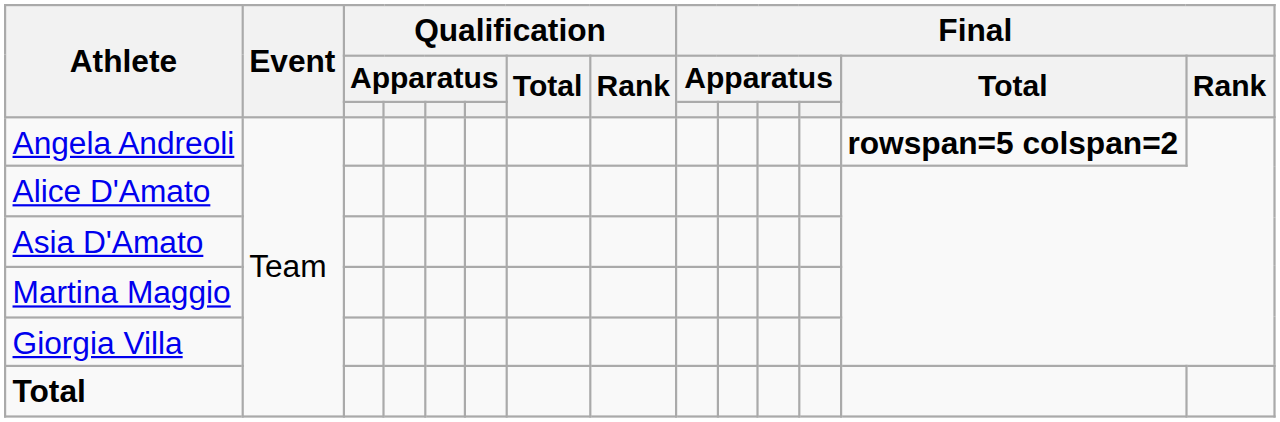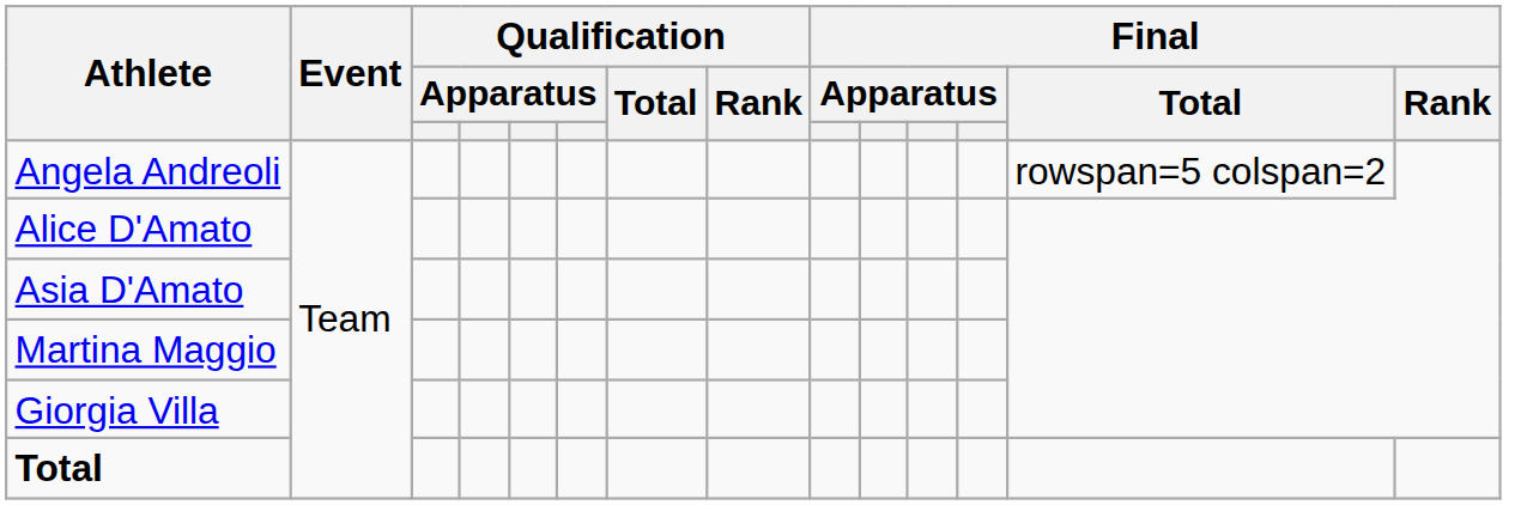 <table class="wikitable" style="font-size:90%">
 <tr>
 <th rowspan=3>Athlete</th>
 <th rowspan=3>Event</th>
 <th colspan=6>Qualification</th>
 <th colspan=6>Final</th>
 </tr>
 <tr style="font-size:95%">
 <th colspan=4>Apparatus</th>
 <th rowspan=2>Total</th>
 <th rowspan=2>Rank</th>
 <th colspan=4>Apparatus</th>
 <th rowspan=2>Total</th>
 <th rowspan=2>Rank</th>
 </tr>
 <tr style="font-size:95%">
 <th></th>
 <th></th>
 <th></th>
 <th></th>
 <th></th>
 <th></th>
 <th></th>
 <th></th>
 </tr>
 <tr align=center>
 <td align=left><a href='#'>Angela Andreoli</a></td>
 <td align=left rowspan=6>Team</td>
 <td></td>
 <td></td>
 <td></td>
 <td></td>
 <td></td>
 <td></td>
 <td></td>
 <td></td>
 <td></td>
 <td></td>
-<td><strong>rowspan=5 colspan=2</strong></td>
+<td>rowspan=5 colspan=2</td>
 </tr>
 <tr align=center>
 <td align=left><a href='#'>Alice D'Amato</a></td>
 <td></td>
 <td></td>
 <td></td>
 <td></td>
 <td></td>
 <td></td>
 <td></td>
 <td></td>
 <td></td>
 <td></td>
 </tr>
 <tr align=center>
 <td align=left><a href='#'>Asia D'Amato</a></td>
 <td></td>
 <td></td>
 <td></td>
 <td></td>
 <td></td>
 <td></td>
 <td></td>
 <td></td>
 <td></td>
 <td></td>
 </tr>
 <tr align=center>
 <td align=left><a href='#'>Martina Maggio</a></td>
 <td></td>
 <td></td>
 <td></td>
 <td></td>
 <td></td>
 <td></td>
 <td></td>
 <td></td>
 <td></td>
 <td></td>
 </tr>
 <tr align=center>
 <td align=left><a href='#'>Giorgia Villa</a></td>
 <td></td>
 <td></td>
 <td></td>
 <td></td>
 <td></td>
 <td></td>
 <td></td>
 <td></td>
 <td></td>
 <td></td>
 </tr>
 <tr align=center>
 <td align=left><strong>Total</strong></td>
 <td></td>
 <td></td>
 <td></td>
 <td></td>
 <td></td>
 <td></td>
 <td></td>
 <td></td>
 <td></td>
 <td></td>
 <td></td>
 <td></td>
 </tr>
 </table>
